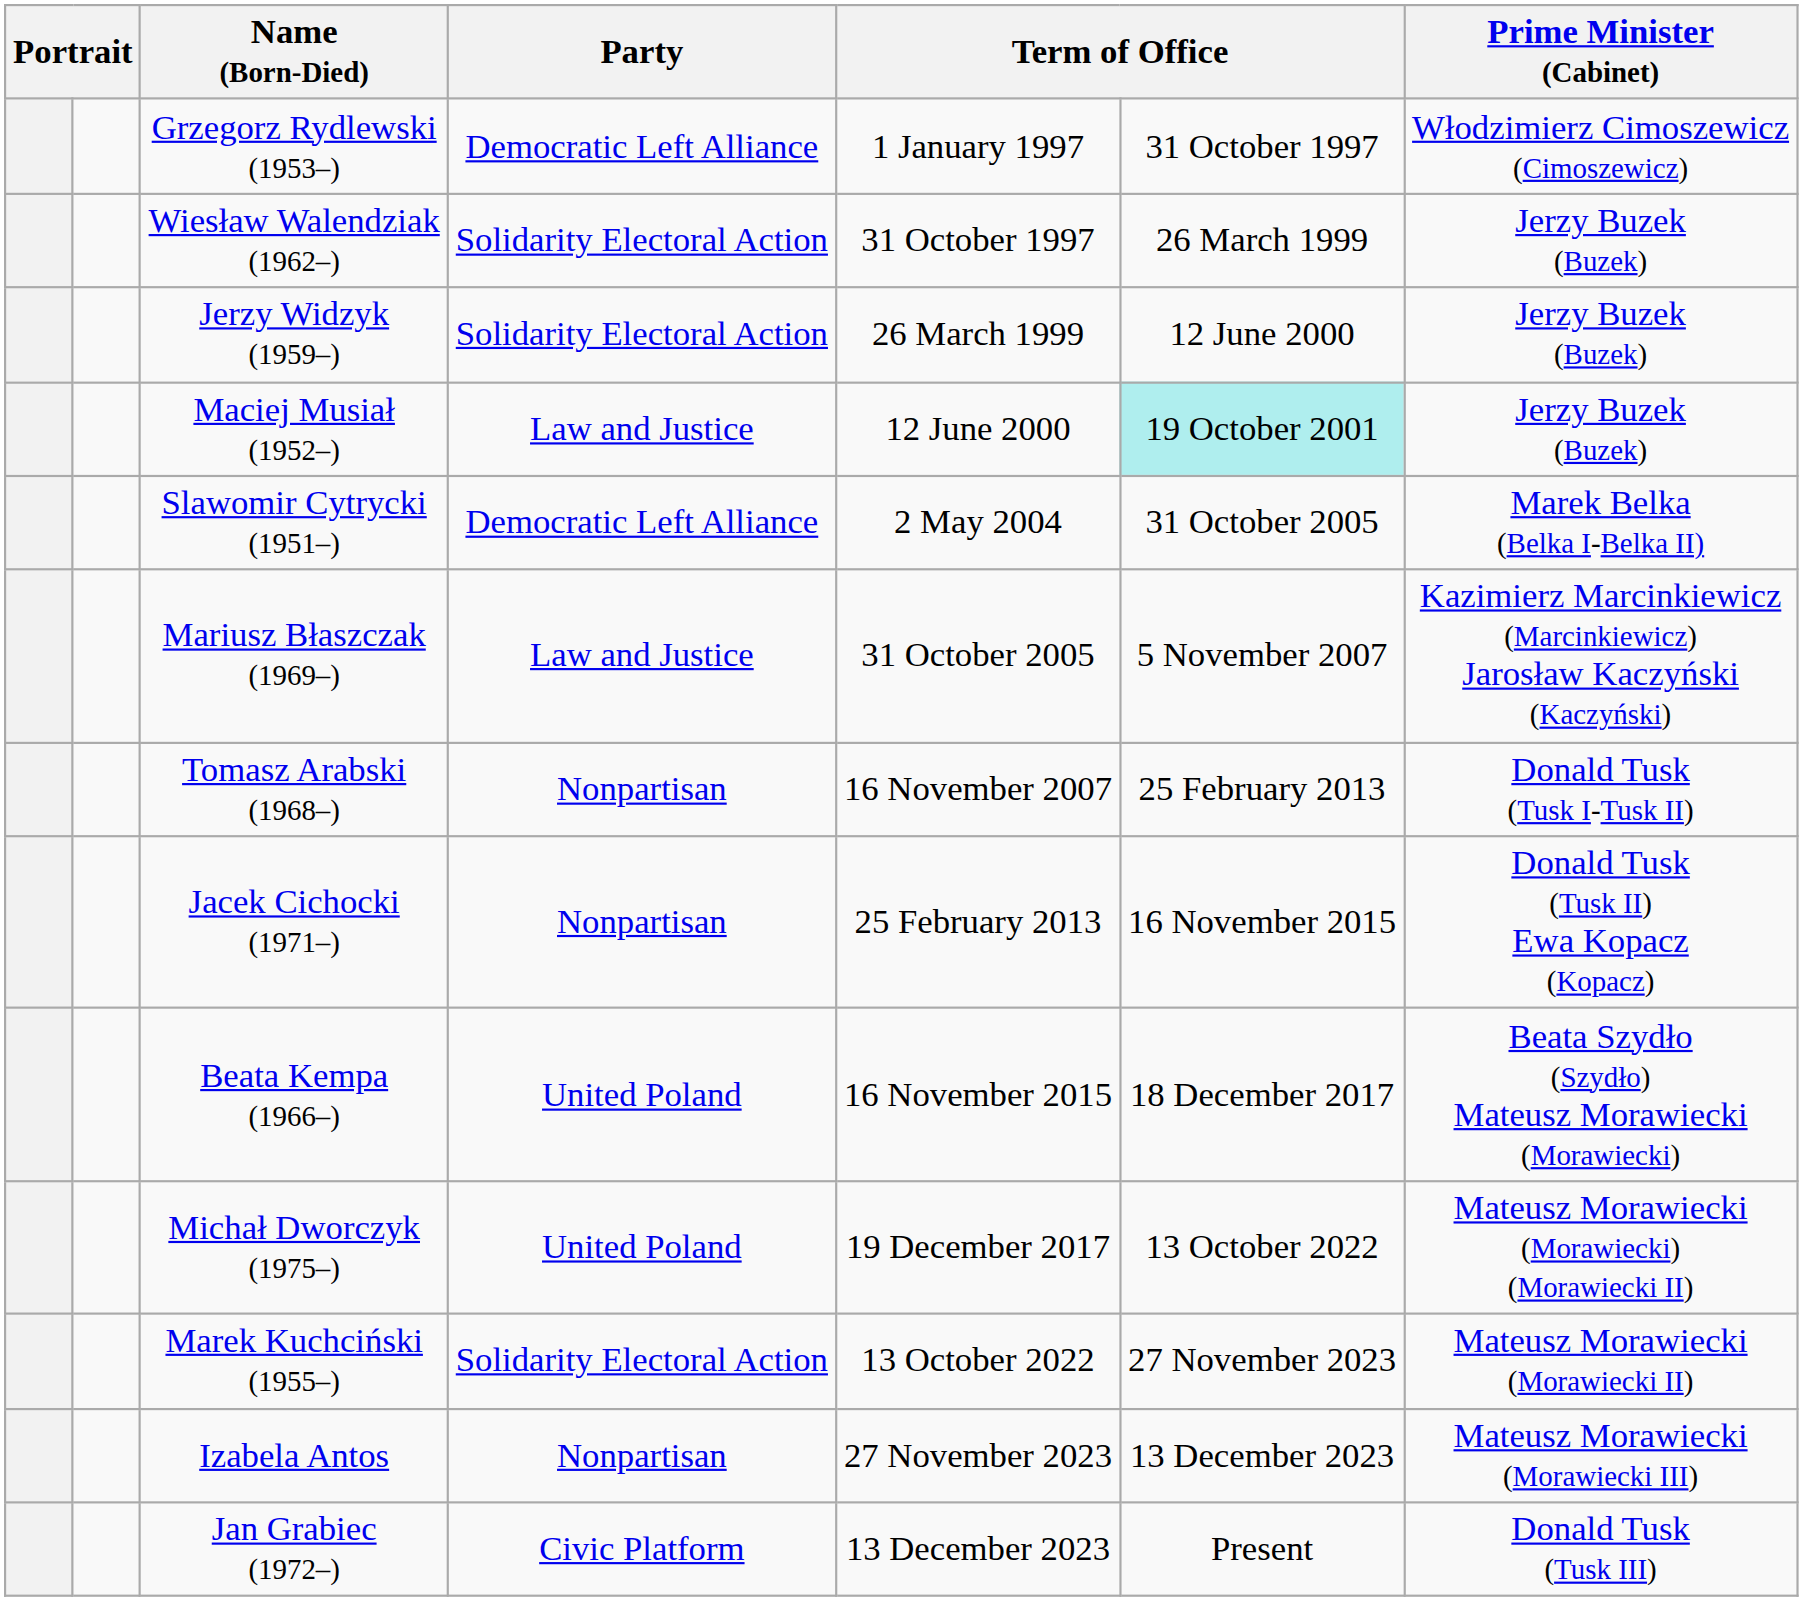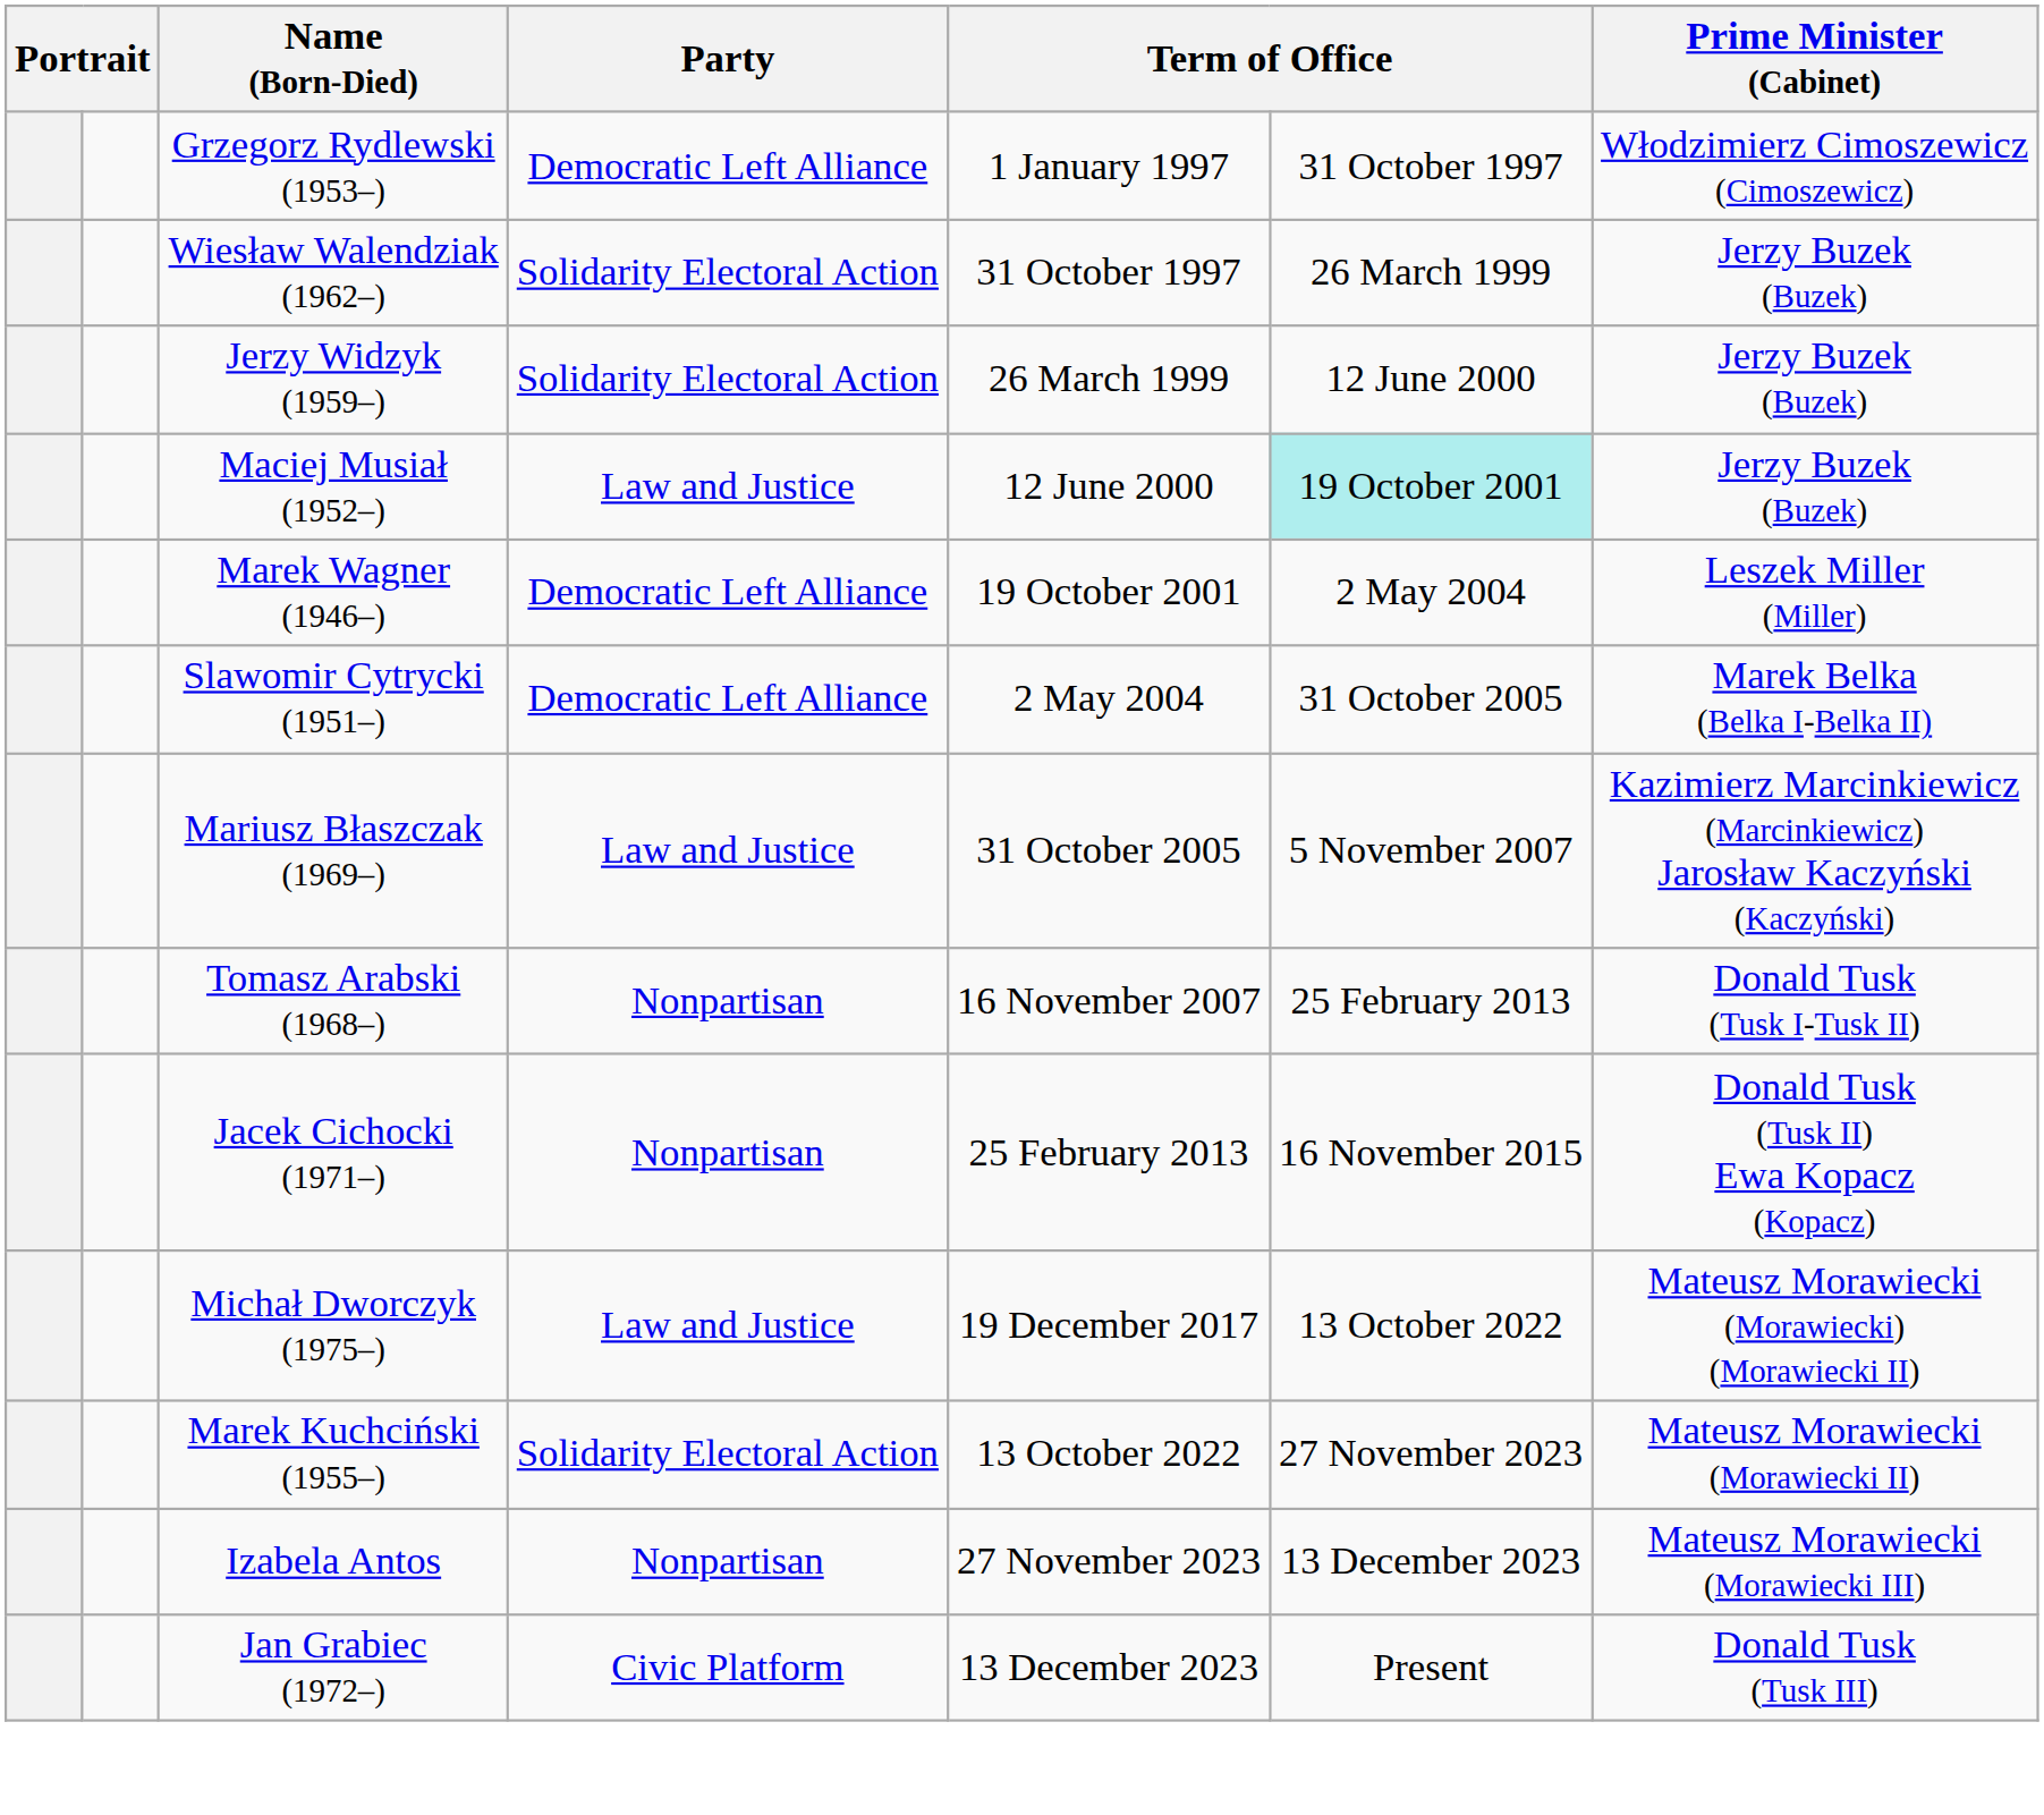 <table class="wikitable" style="text-align:center;">
 <tr>
 <th colspan=2>Portrait</th>
 <th>Name<br><small>(Born-Died)</small></th>
 <th>Party</th>
 <th colspan=2>Term of Office</th>
 <th><a href='#'>Prime Minister</a><br><small>(Cabinet)</small></th>
 </tr>
 <tr>
 <th ! style="background:"></th>
 <td></td>
 <td><a href='#'>Grzegorz Rydlewski</a><br><small>(1953–)</small></td>
 <td><a href='#'>Democratic Left Alliance</a></td>
 <td>1 January 1997</td>
 <td>31 October 1997</td>
 <td><a href='#'>Włodzimierz Cimoszewicz</a> <br> <small>(<a href='#'>Cimoszewicz</a>)</small></td>
 </tr>
 <tr>
 <th ! style="background:"></th>
 <td></td>
 <td><a href='#'>Wiesław Walendziak</a><br><small>(1962–)</small></td>
 <td><a href='#'>Solidarity Electoral Action</a></td>
 <td>31 October 1997</td>
 <td>26 March 1999</td>
 <td><a href='#'>Jerzy Buzek</a> <br> <small>(<a href='#'>Buzek</a>)</small></td>
 </tr>
 <tr>
 <th ! style="background:"></th>
 <td></td>
 <td><a href='#'>Jerzy Widzyk</a><br><small>(1959–)</small></td>
 <td><a href='#'>Solidarity Electoral Action</a></td>
 <td>26 March 1999</td>
 <td>12 June 2000</td>
 <td><a href='#'>Jerzy Buzek</a> <br> <small>(<a href='#'>Buzek</a>)</small></td>
 </tr>
 <tr>
 <th ! style="background:"></th>
 <td></td>
 <td><a href='#'>Maciej Musiał</a><br><small>(1952–)</small></td>
 <td><a href='#'>Law and Justice</a></td>
 <td>12 June 2000</td>
 <td style="background: paleturquoise;">19 October 2001</td>
 <td><a href='#'>Jerzy Buzek</a> <br> <small>(<a href='#'>Buzek</a>)</small></td>
 </tr>
 <tr>
 <th ! style="background:"></th>
 <td></td>
+<td><a href='#'>Marek Wagner</a><br><small>(1946–)</small></td>
+<td><a href='#'>Democratic Left Alliance</a></td>
+<td>19 October 2001</td>
+<td>2 May 2004</td>
+<td><a href='#'>Leszek Miller</a> <br> <small>(<a href='#'>Miller</a>)</small></td>
+</tr>
+<tr>
+<th ! style="background:"></th>
+<td></td>
 <td><a href='#'>Slawomir Cytrycki</a><br><small>(1951–)</small></td>
 <td><a href='#'>Democratic Left Alliance</a></td>
 <td>2 May 2004</td>
 <td>31 October 2005</td>
 <td><a href='#'>Marek Belka</a> <br> <small>(<a href='#'>Belka I</a>-<a href='#'>Belka II)</a></small></td>
 </tr>
 <tr>
 <th ! style="background:"></th>
 <td></td>
 <td><a href='#'>Mariusz Błaszczak</a><br><small>(1969–)</small></td>
 <td><a href='#'>Law and Justice</a></td>
 <td>31 October 2005</td>
 <td>5 November 2007</td>
 <td><a href='#'>Kazimierz Marcinkiewicz</a> <br> <small>(<a href='#'>Marcinkiewicz</a>)</small> <br> <a href='#'>Jarosław Kaczyński</a><br> <small>(<a href='#'>Kaczyński</a>)</small></td>
 </tr>
 <tr>
 <th ! style="background:"></th>
 <td></td>
 <td><a href='#'>Tomasz Arabski</a><br><small>(1968–)</small></td>
 <td><a href='#'>Nonpartisan</a></td>
 <td>16 November 2007</td>
 <td>25 February 2013</td>
 <td><a href='#'>Donald Tusk</a> <br> <small>(<a href='#'>Tusk I</a>-<a href='#'>Tusk II</a>)</small></td>
 </tr>
 <tr>
 <th ! style="background:"></th>
 <td></td>
 <td><a href='#'>Jacek Cichocki</a><br><small>(1971–)</small></td>
 <td><a href='#'>Nonpartisan</a></td>
 <td>25 February 2013</td>
 <td>16 November 2015</td>
 <td><a href='#'>Donald Tusk</a> <br> <small>(<a href='#'>Tusk II</a>)</small> <br> <a href='#'>Ewa Kopacz</a> <br> <small>(<a href='#'>Kopacz</a>)</small></td>
 </tr>
 <tr>
 <th ! style="background:"></th>
 <td></td>
-<td><a href='#'>Beata Kempa</a><br><small>(1966–)</small></td>
-<td><a href='#'>United Poland</a></td>
-<td>16 November 2015</td>
-<td>18 December 2017</td>
-<td><a href='#'>Beata Szydło</a> <br> <small>(<a href='#'>Szydło</a>)</small> <br> <a href='#'>Mateusz Morawiecki</a> <br> <small>(<a href='#'>Morawiecki</a>)</small></td>
-</tr>
-<tr>
-<th ! style="background:"></th>
-<td></td>
 <td><a href='#'>Michał Dworczyk</a><br><small>(1975–)</small></td>
-<td><a href='#'>United Poland</a></td>
+<td><a href='#'>Law and Justice</a></td>
 <td>19 December 2017</td>
 <td>13 October 2022</td>
 <td><a href='#'>Mateusz Morawiecki</a> <br> <small>(<a href='#'>Morawiecki</a>)</small> <br> <small>(<a href='#'>Morawiecki II</a>)</small></td>
 </tr>
 <tr>
 <th style="background:"></th>
 <td></td>
 <td><a href='#'>Marek Kuchciński</a><br><small>(1955–)</small></td>
 <td><a href='#'>Solidarity Electoral Action</a></td>
 <td>13 October 2022</td>
 <td>27 November 2023</td>
 <td><a href='#'>Mateusz Morawiecki</a> <br> <small>(<a href='#'>Morawiecki II</a>)</small></td>
 </tr>
 <tr>
 <th ! style="background:"></th>
 <td></td>
 <td><a href='#'>Izabela Antos</a></td>
 <td><a href='#'>Nonpartisan</a></td>
 <td>27 November 2023</td>
 <td>13 December 2023</td>
 <td><a href='#'>Mateusz Morawiecki</a> <br> <small>(<a href='#'>Morawiecki III</a>)</small></td>
 </tr>
 <tr>
 <th style="background:"></th>
 <td></td>
 <td><a href='#'>Jan Grabiec</a><br><small>(1972–)</small></td>
 <td><a href='#'>Civic Platform</a></td>
 <td>13 December 2023</td>
 <td>Present</td>
 <td><a href='#'>Donald Tusk</a>  <br> <small>(<a href='#'>Tusk III</a>)</small></td>
 </tr>
 </table>
